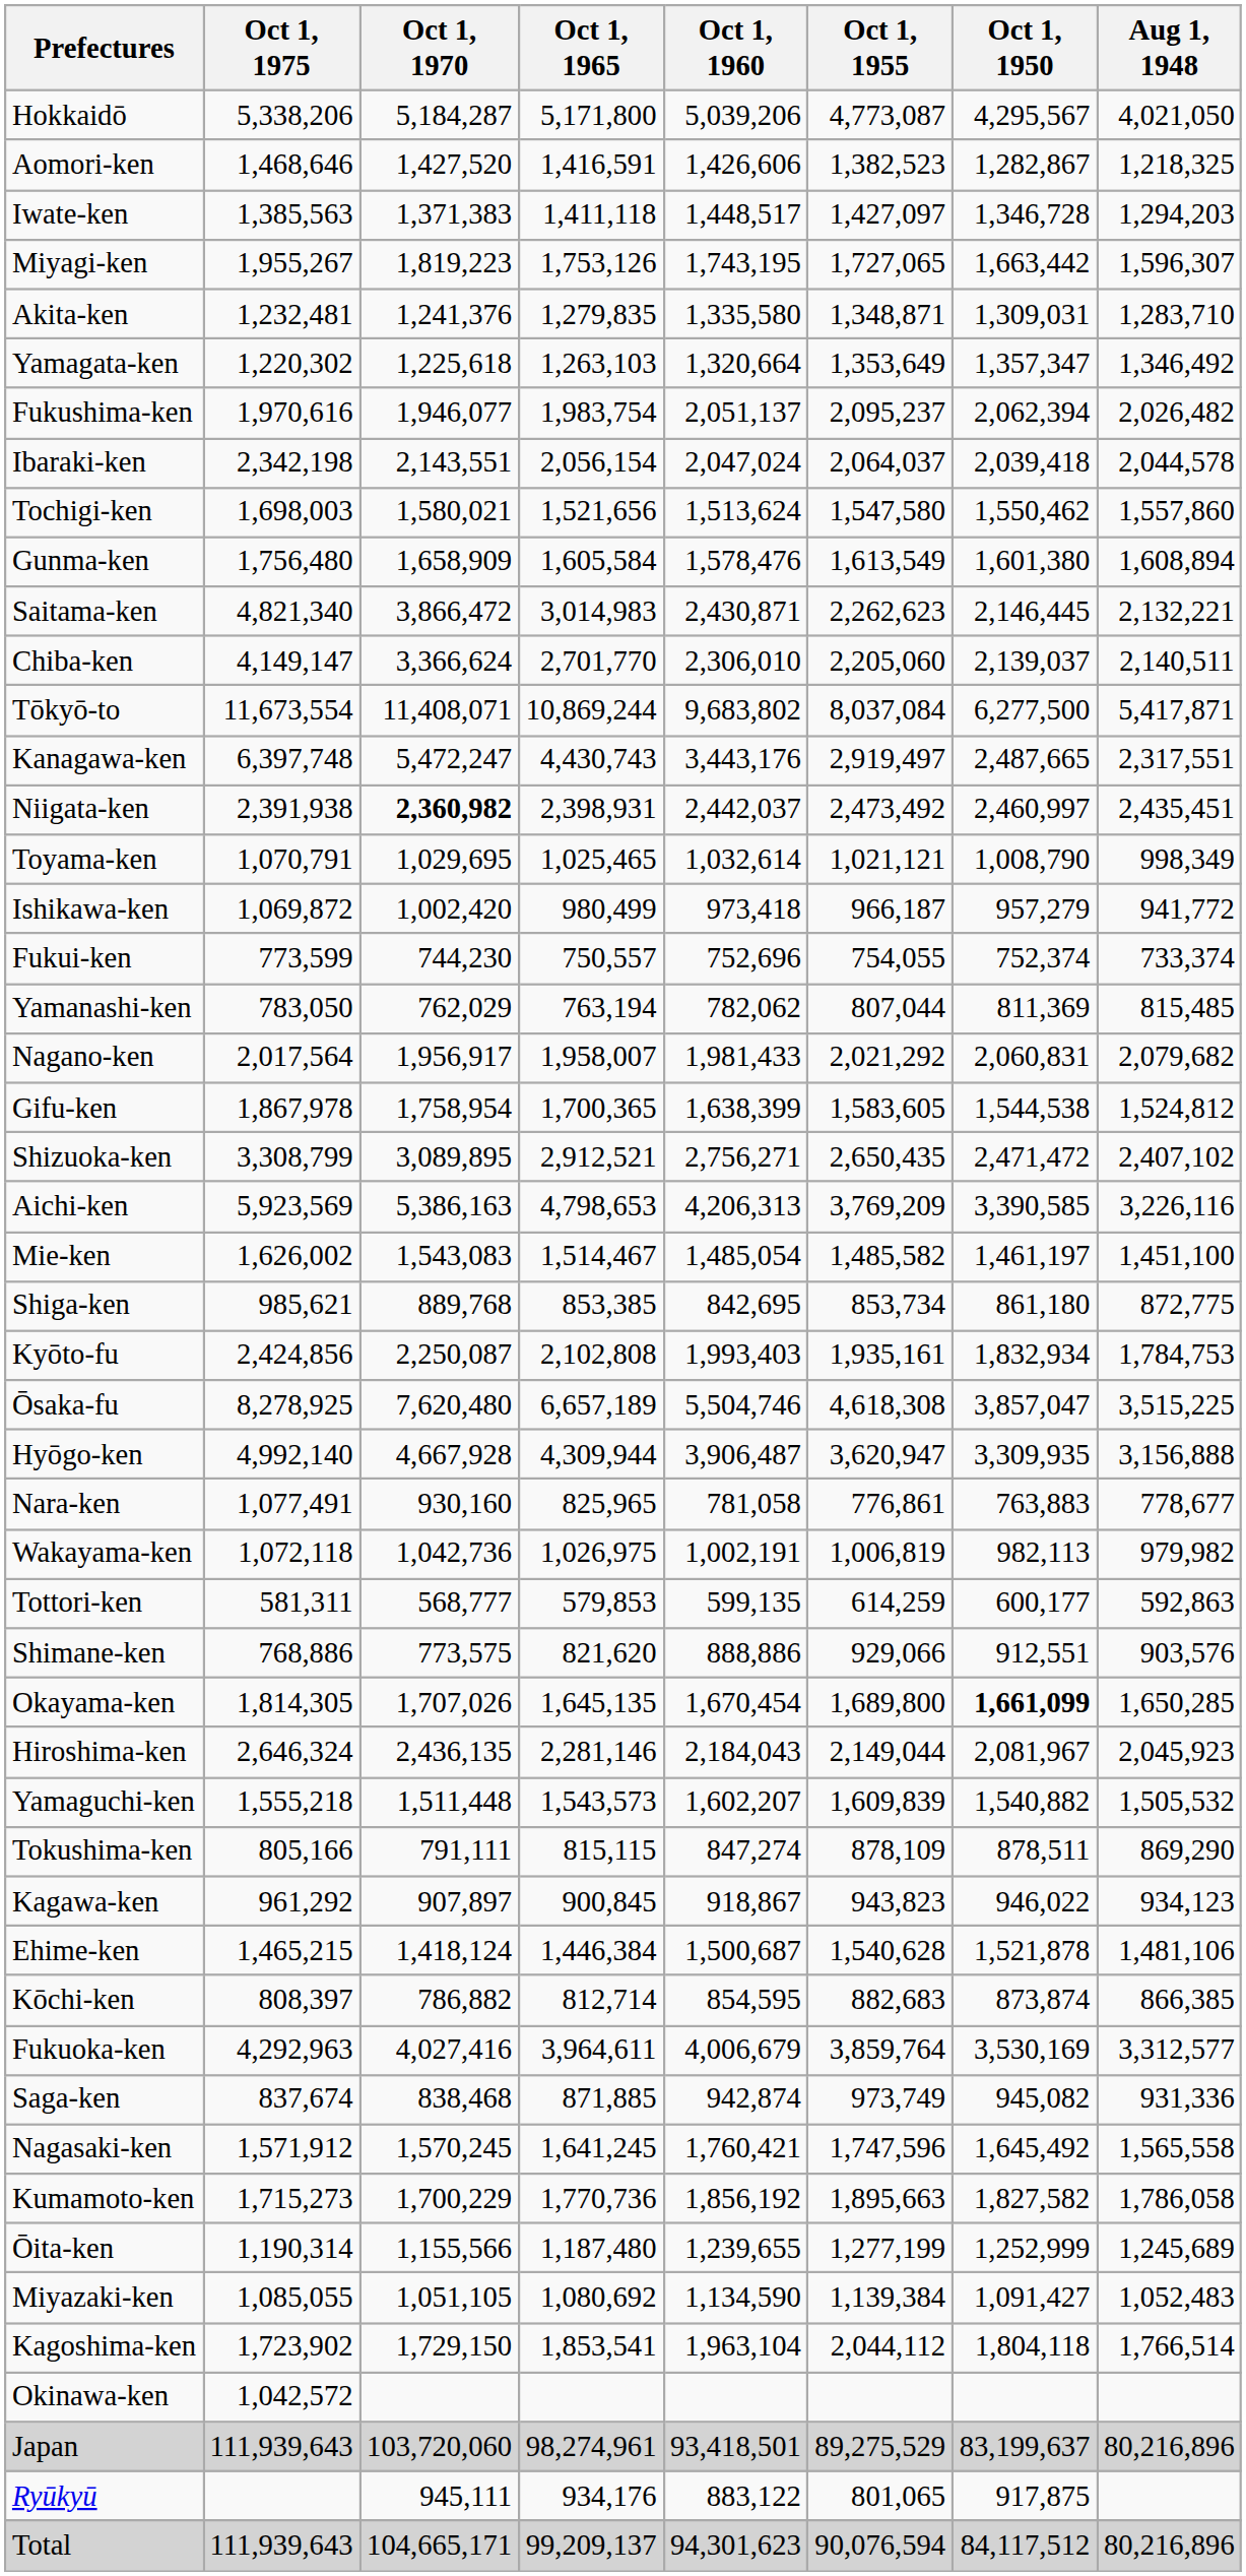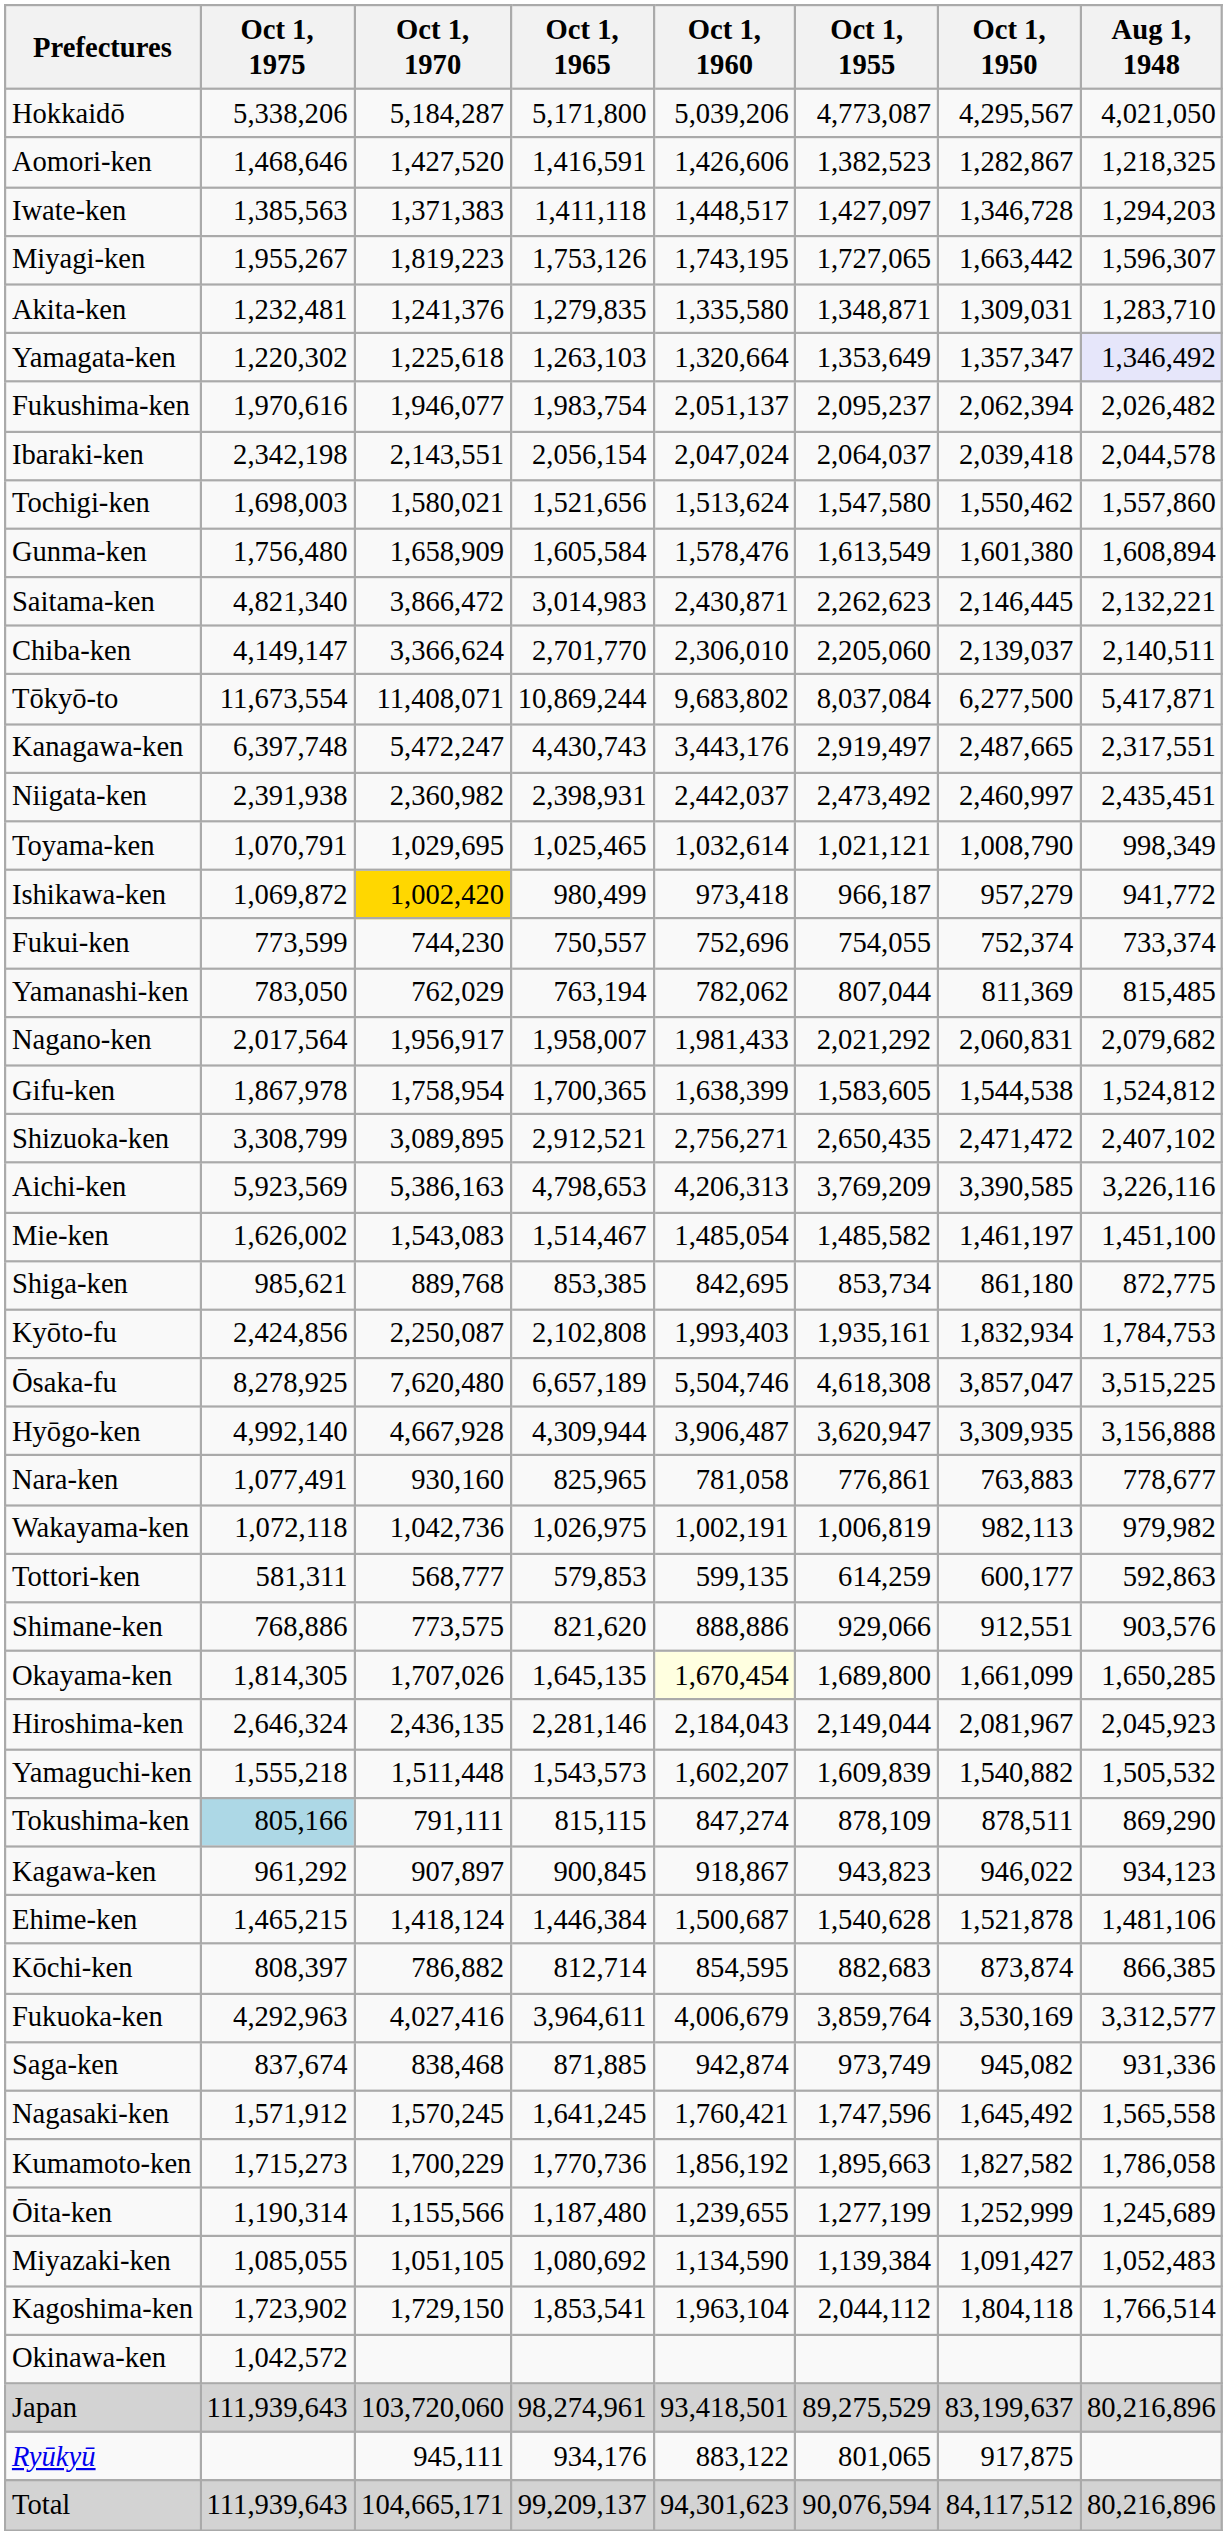 <table class="wikitable sortable" style="text-align:right;font-size:small">
 <tr>
 <th>Prefectures</th>
 <th>Oct 1,<br>1975</th>
 <th>Oct 1,<br>1970</th>
 <th>Oct 1,<br>1965</th>
 <th>Oct 1,<br>1960</th>
 <th>Oct 1,<br>1955</th>
 <th>Oct 1,<br>1950</th>
 <th>Aug 1,<br>1948</th>
 </tr>
 <tr>
 <td align=left>Hokkaidō</td>
 <td>5,338,206</td>
 <td>5,184,287</td>
 <td>5,171,800</td>
 <td>5,039,206</td>
 <td>4,773,087</td>
 <td>4,295,567</td>
 <td>4,021,050</td>
 </tr>
 <tr>
 <td align=left>Aomori-ken</td>
 <td>1,468,646</td>
 <td>1,427,520</td>
 <td>1,416,591</td>
 <td>1,426,606</td>
 <td>1,382,523</td>
 <td>1,282,867</td>
 <td>1,218,325</td>
 </tr>
 <tr>
 <td align=left>Iwate-ken</td>
 <td>1,385,563</td>
 <td>1,371,383</td>
 <td>1,411,118</td>
 <td>1,448,517</td>
 <td>1,427,097</td>
 <td>1,346,728</td>
 <td>1,294,203</td>
 </tr>
 <tr>
 <td align=left>Miyagi-ken</td>
 <td>1,955,267</td>
 <td>1,819,223</td>
 <td>1,753,126</td>
 <td>1,743,195</td>
 <td>1,727,065</td>
 <td>1,663,442</td>
 <td>1,596,307</td>
 </tr>
 <tr>
 <td align=left>Akita-ken</td>
 <td>1,232,481</td>
 <td>1,241,376</td>
 <td>1,279,835</td>
 <td>1,335,580</td>
 <td>1,348,871</td>
 <td>1,309,031</td>
 <td>1,283,710</td>
 </tr>
 <tr>
 <td align=left>Yamagata-ken</td>
 <td>1,220,302</td>
 <td>1,225,618</td>
 <td>1,263,103</td>
 <td>1,320,664</td>
 <td>1,353,649</td>
 <td>1,357,347</td>
-<td>1,346,492</td>
+<td style="background: lavender;">1,346,492</td>
 </tr>
 <tr>
 <td align=left>Fukushima-ken</td>
 <td>1,970,616</td>
 <td>1,946,077</td>
 <td>1,983,754</td>
 <td>2,051,137</td>
 <td>2,095,237</td>
 <td>2,062,394</td>
 <td>2,026,482</td>
 </tr>
 <tr>
 <td align=left>Ibaraki-ken</td>
 <td>2,342,198</td>
 <td>2,143,551</td>
 <td>2,056,154</td>
 <td>2,047,024</td>
 <td>2,064,037</td>
 <td>2,039,418</td>
 <td>2,044,578</td>
 </tr>
 <tr>
 <td align=left>Tochigi-ken</td>
 <td>1,698,003</td>
 <td>1,580,021</td>
 <td>1,521,656</td>
 <td>1,513,624</td>
 <td>1,547,580</td>
 <td>1,550,462</td>
 <td>1,557,860</td>
 </tr>
 <tr>
 <td align=left>Gunma-ken</td>
 <td>1,756,480</td>
 <td>1,658,909</td>
 <td>1,605,584</td>
 <td>1,578,476</td>
 <td>1,613,549</td>
 <td>1,601,380</td>
 <td>1,608,894</td>
 </tr>
 <tr>
 <td align=left>Saitama-ken</td>
 <td>4,821,340</td>
 <td>3,866,472</td>
 <td>3,014,983</td>
 <td>2,430,871</td>
 <td>2,262,623</td>
 <td>2,146,445</td>
 <td>2,132,221</td>
 </tr>
 <tr>
 <td align=left>Chiba-ken</td>
 <td>4,149,147</td>
 <td>3,366,624</td>
 <td>2,701,770</td>
 <td>2,306,010</td>
 <td>2,205,060</td>
 <td>2,139,037</td>
 <td>2,140,511</td>
 </tr>
 <tr>
 <td align=left>Tōkyō-to</td>
 <td>11,673,554</td>
 <td>11,408,071</td>
 <td>10,869,244</td>
 <td>9,683,802</td>
 <td>8,037,084</td>
 <td>6,277,500</td>
 <td>5,417,871</td>
 </tr>
 <tr>
 <td align=left>Kanagawa-ken</td>
 <td>6,397,748</td>
 <td>5,472,247</td>
 <td>4,430,743</td>
 <td>3,443,176</td>
 <td>2,919,497</td>
 <td>2,487,665</td>
 <td>2,317,551</td>
 </tr>
 <tr>
 <td align=left>Niigata-ken</td>
 <td>2,391,938</td>
-<td><strong>2,360,982</strong></td>
+<td>2,360,982</td>
 <td>2,398,931</td>
 <td>2,442,037</td>
 <td>2,473,492</td>
 <td>2,460,997</td>
 <td>2,435,451</td>
 </tr>
 <tr>
 <td align=left>Toyama-ken</td>
 <td>1,070,791</td>
 <td>1,029,695</td>
 <td>1,025,465</td>
 <td>1,032,614</td>
 <td>1,021,121</td>
 <td>1,008,790</td>
 <td>998,349</td>
 </tr>
 <tr>
 <td align=left>Ishikawa-ken</td>
 <td>1,069,872</td>
-<td>1,002,420</td>
+<td style="background: gold;">1,002,420</td>
 <td>980,499</td>
 <td>973,418</td>
 <td>966,187</td>
 <td>957,279</td>
 <td>941,772</td>
 </tr>
 <tr>
 <td align=left>Fukui-ken</td>
 <td>773,599</td>
 <td>744,230</td>
 <td>750,557</td>
 <td>752,696</td>
 <td>754,055</td>
 <td>752,374</td>
 <td>733,374</td>
 </tr>
 <tr>
 <td align=left>Yamanashi-ken</td>
 <td>783,050</td>
 <td>762,029</td>
 <td>763,194</td>
 <td>782,062</td>
 <td>807,044</td>
 <td>811,369</td>
 <td>815,485</td>
 </tr>
 <tr>
 <td align=left>Nagano-ken</td>
 <td>2,017,564</td>
 <td>1,956,917</td>
 <td>1,958,007</td>
 <td>1,981,433</td>
 <td>2,021,292</td>
 <td>2,060,831</td>
 <td>2,079,682</td>
 </tr>
 <tr>
 <td align=left>Gifu-ken</td>
 <td>1,867,978</td>
 <td>1,758,954</td>
 <td>1,700,365</td>
 <td>1,638,399</td>
 <td>1,583,605</td>
 <td>1,544,538</td>
 <td>1,524,812</td>
 </tr>
 <tr>
 <td align=left>Shizuoka-ken</td>
 <td>3,308,799</td>
 <td>3,089,895</td>
 <td>2,912,521</td>
 <td>2,756,271</td>
 <td>2,650,435</td>
 <td>2,471,472</td>
 <td>2,407,102</td>
 </tr>
 <tr>
 <td align=left>Aichi-ken</td>
 <td>5,923,569</td>
 <td>5,386,163</td>
 <td>4,798,653</td>
 <td>4,206,313</td>
 <td>3,769,209</td>
 <td>3,390,585</td>
 <td>3,226,116</td>
 </tr>
 <tr>
 <td align=left>Mie-ken</td>
 <td>1,626,002</td>
 <td>1,543,083</td>
 <td>1,514,467</td>
 <td>1,485,054</td>
 <td>1,485,582</td>
 <td>1,461,197</td>
 <td>1,451,100</td>
 </tr>
 <tr>
 <td align=left>Shiga-ken</td>
 <td>985,621</td>
 <td>889,768</td>
 <td>853,385</td>
 <td>842,695</td>
 <td>853,734</td>
 <td>861,180</td>
 <td>872,775</td>
 </tr>
 <tr>
 <td align=left>Kyōto-fu</td>
 <td>2,424,856</td>
 <td>2,250,087</td>
 <td>2,102,808</td>
 <td>1,993,403</td>
 <td>1,935,161</td>
 <td>1,832,934</td>
 <td>1,784,753</td>
 </tr>
 <tr>
 <td align=left>Ōsaka-fu</td>
 <td>8,278,925</td>
 <td>7,620,480</td>
 <td>6,657,189</td>
 <td>5,504,746</td>
 <td>4,618,308</td>
 <td>3,857,047</td>
 <td>3,515,225</td>
 </tr>
 <tr>
 <td align=left>Hyōgo-ken</td>
 <td>4,992,140</td>
 <td>4,667,928</td>
 <td>4,309,944</td>
 <td>3,906,487</td>
 <td>3,620,947</td>
 <td>3,309,935</td>
 <td>3,156,888</td>
 </tr>
 <tr>
 <td align=left>Nara-ken</td>
 <td>1,077,491</td>
 <td>930,160</td>
 <td>825,965</td>
 <td>781,058</td>
 <td>776,861</td>
 <td>763,883</td>
 <td>778,677</td>
 </tr>
 <tr>
 <td align=left>Wakayama-ken</td>
 <td>1,072,118</td>
 <td>1,042,736</td>
 <td>1,026,975</td>
 <td>1,002,191</td>
 <td>1,006,819</td>
 <td>982,113</td>
 <td>979,982</td>
 </tr>
 <tr>
 <td align=left>Tottori-ken</td>
 <td>581,311</td>
 <td>568,777</td>
 <td>579,853</td>
 <td>599,135</td>
 <td>614,259</td>
 <td>600,177</td>
 <td>592,863</td>
 </tr>
 <tr>
 <td align=left>Shimane-ken</td>
 <td>768,886</td>
 <td>773,575</td>
 <td>821,620</td>
 <td>888,886</td>
 <td>929,066</td>
 <td>912,551</td>
 <td>903,576</td>
 </tr>
 <tr>
 <td align=left>Okayama-ken</td>
 <td>1,814,305</td>
 <td>1,707,026</td>
 <td>1,645,135</td>
-<td>1,670,454</td>
+<td style="background: lightyellow;">1,670,454</td>
 <td>1,689,800</td>
-<td><strong>1,661,099</strong></td>
+<td>1,661,099</td>
 <td>1,650,285</td>
 </tr>
 <tr>
 <td align=left>Hiroshima-ken</td>
 <td>2,646,324</td>
 <td>2,436,135</td>
 <td>2,281,146</td>
 <td>2,184,043</td>
 <td>2,149,044</td>
 <td>2,081,967</td>
 <td>2,045,923</td>
 </tr>
 <tr>
 <td align=left>Yamaguchi-ken</td>
 <td>1,555,218</td>
 <td>1,511,448</td>
 <td>1,543,573</td>
 <td>1,602,207</td>
 <td>1,609,839</td>
 <td>1,540,882</td>
 <td>1,505,532</td>
 </tr>
 <tr>
 <td align=left>Tokushima-ken</td>
-<td>805,166</td>
+<td style="background: lightblue;">805,166</td>
 <td>791,111</td>
 <td>815,115</td>
 <td>847,274</td>
 <td>878,109</td>
 <td>878,511</td>
 <td>869,290</td>
 </tr>
 <tr>
 <td align=left>Kagawa-ken</td>
 <td>961,292</td>
 <td>907,897</td>
 <td>900,845</td>
 <td>918,867</td>
 <td>943,823</td>
 <td>946,022</td>
 <td>934,123</td>
 </tr>
 <tr>
 <td align=left>Ehime-ken</td>
 <td>1,465,215</td>
 <td>1,418,124</td>
 <td>1,446,384</td>
 <td>1,500,687</td>
 <td>1,540,628</td>
 <td>1,521,878</td>
 <td>1,481,106</td>
 </tr>
 <tr>
 <td align=left>Kōchi-ken</td>
 <td>808,397</td>
 <td>786,882</td>
 <td>812,714</td>
 <td>854,595</td>
 <td>882,683</td>
 <td>873,874</td>
 <td>866,385</td>
 </tr>
 <tr>
 <td align=left>Fukuoka-ken</td>
 <td>4,292,963</td>
 <td>4,027,416</td>
 <td>3,964,611</td>
 <td>4,006,679</td>
 <td>3,859,764</td>
 <td>3,530,169</td>
 <td>3,312,577</td>
 </tr>
 <tr>
 <td align=left>Saga-ken</td>
 <td>837,674</td>
 <td>838,468</td>
 <td>871,885</td>
 <td>942,874</td>
 <td>973,749</td>
 <td>945,082</td>
 <td>931,336</td>
 </tr>
 <tr>
 <td align=left>Nagasaki-ken</td>
 <td>1,571,912</td>
 <td>1,570,245</td>
 <td>1,641,245</td>
 <td>1,760,421</td>
 <td>1,747,596</td>
 <td>1,645,492</td>
 <td>1,565,558</td>
 </tr>
 <tr>
 <td align=left>Kumamoto-ken</td>
 <td>1,715,273</td>
 <td>1,700,229</td>
 <td>1,770,736</td>
 <td>1,856,192</td>
 <td>1,895,663</td>
 <td>1,827,582</td>
 <td>1,786,058</td>
 </tr>
 <tr>
 <td align=left>Ōita-ken</td>
 <td>1,190,314</td>
 <td>1,155,566</td>
 <td>1,187,480</td>
 <td>1,239,655</td>
 <td>1,277,199</td>
 <td>1,252,999</td>
 <td>1,245,689</td>
 </tr>
 <tr>
 <td align=left>Miyazaki-ken</td>
 <td>1,085,055</td>
 <td>1,051,105</td>
 <td>1,080,692</td>
 <td>1,134,590</td>
 <td>1,139,384</td>
 <td>1,091,427</td>
 <td>1,052,483</td>
 </tr>
 <tr>
 <td align=left>Kagoshima-ken</td>
 <td>1,723,902</td>
 <td>1,729,150</td>
 <td>1,853,541</td>
 <td>1,963,104</td>
 <td>2,044,112</td>
 <td>1,804,118</td>
 <td>1,766,514</td>
 </tr>
 <tr>
 <td align=left>Okinawa-ken</td>
 <td>1,042,572</td>
 <td></td>
 <td></td>
 <td></td>
 <td></td>
 <td></td>
 <td></td>
 </tr>
 <tr style="background:lightgrey;">
 <td align=left>Japan</td>
 <td>111,939,643</td>
 <td>103,720,060</td>
 <td>98,274,961</td>
 <td>93,418,501</td>
 <td>89,275,529</td>
 <td>83,199,637</td>
 <td>80,216,896</td>
 </tr>
 <tr>
 <td align=left><em><a href='#'>Ryūkyū</a></em></td>
 <td></td>
 <td>945,111</td>
 <td>934,176</td>
 <td>883,122</td>
 <td>801,065</td>
 <td>917,875</td>
 <td></td>
 </tr>
 <tr>
 </tr>
 <tr style="background:lightgrey;">
 <td align=left>Total</td>
 <td>111,939,643</td>
 <td>104,665,171</td>
 <td>99,209,137</td>
 <td>94,301,623</td>
 <td>90,076,594</td>
 <td>84,117,512</td>
 <td>80,216,896</td>
 </tr>
 <tr>
 </tr>
 </table>
